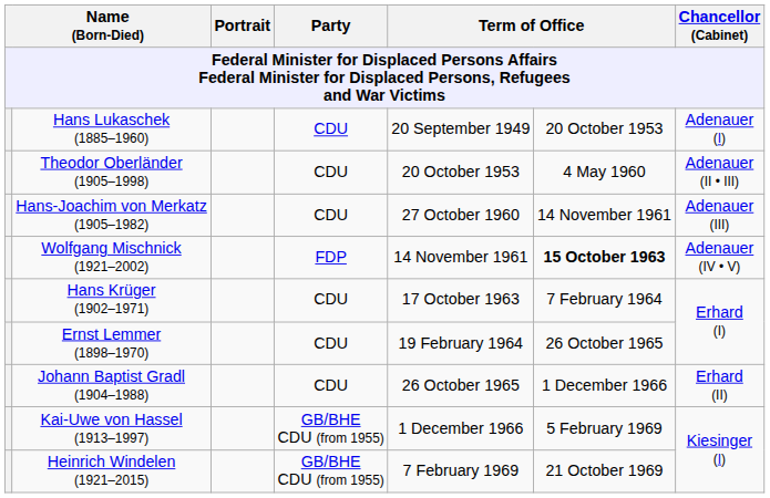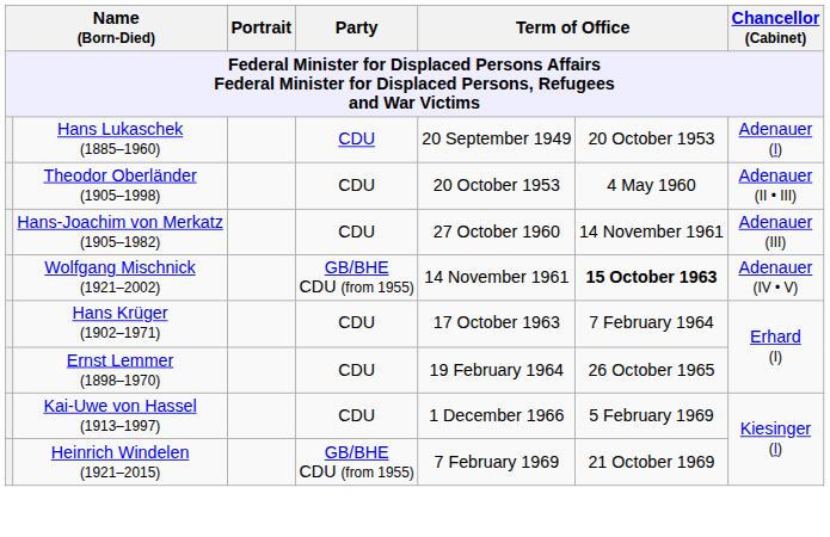 <table class="wikitable" style="text-align:center;">
 <tr>
 <th colspan=2>Name<br><small>(Born-Died)</small></th>
 <th>Portrait</th>
 <th>Party</th>
 <th colspan=2>Term of Office</th>
 <th><a href='#'>Chancellor</a><br><small>(Cabinet)</small></th>
 </tr>
 <tr>
 <th colspan="7" style="background:#EEEEFF">Federal Minister for Displaced Persons Affairs <br>Federal Minister for Displaced Persons, Refugees <br>and War Victims </th>
 </tr>
 <tr>
 <th style="background:"></th>
 <td><a href='#'>Hans Lukaschek</a><br><small>(1885–1960)</small></td>
 <td></td>
 <td><a href='#'>CDU</a></td>
 <td>20 September 1949</td>
 <td>20 October 1953</td>
 <td><a href='#'>Adenauer</a><br><small>(<a href='#'>I</a>)</small></td>
 </tr>
 <tr>
 <th style="background:"></th>
 <td><a href='#'>Theodor Oberländer</a><br><small>(1905–1998)</small></td>
 <td></td>
 <td>CDU</td>
 <td>20 October 1953</td>
 <td>4 May 1960</td>
 <td><a href='#'>Adenauer</a><br><small>(II • III)</small></td>
 </tr>
 <tr>
 <th style="background:"></th>
 <td><a href='#'>Hans-Joachim von Merkatz</a><br><small>(1905–1982)</small></td>
 <td></td>
 <td>CDU</td>
 <td>27 October 1960</td>
 <td>14 November 1961</td>
 <td><a href='#'>Adenauer</a><br><small>(III)</small></td>
 </tr>
 <tr>
 <th style="background:"></th>
 <td><a href='#'>Wolfgang Mischnick</a><br><small>(1921–2002)</small></td>
 <td></td>
-<td><a href='#'>FDP</a></td>
+<td><a href='#'>GB/BHE</a> <br>CDU <small>(from 1955)</small></td>
 <td>14 November 1961</td>
 <td><strong>15 October 1963</strong></td>
 <td><a href='#'>Adenauer</a><br><small>(IV • V)</small></td>
 </tr>
 <tr>
 <th style="background:"></th>
 <td><a href='#'>Hans Krüger</a><br><small>(1902–1971)</small></td>
 <td></td>
 <td>CDU</td>
 <td>17 October 1963</td>
 <td>7 February 1964</td>
 <td rowspan=2><a href='#'>Erhard</a><br><small>(I)</small></td>
 </tr>
 <tr>
 <th style="background:"></th>
 <td><a href='#'>Ernst Lemmer</a><br><small>(1898–1970)</small></td>
 <td></td>
 <td>CDU</td>
 <td>19 February 1964</td>
 <td>26 October 1965</td>
 </tr>
 <tr>
 <th style="background:"></th>
-<td><a href='#'>Johann Baptist Gradl</a><br><small>(1904–1988)</small></td>
+<td><a href='#'>Kai-Uwe von Hassel</a><br><small>(1913–1997)</small></td>
 <td></td>
 <td>CDU</td>
-<td>26 October 1965</td>
-<td>1 December 1966</td>
-<td><a href='#'>Erhard</a><br><small>(II)</small></td>
-</tr>
-<tr>
-<th style="background:"></th>
-<td><a href='#'>Kai-Uwe von Hassel</a><br><small>(1913–1997)</small></td>
-<td></td>
-<td><a href='#'>GB/BHE</a> <br>CDU <small>(from 1955)</small></td>
 <td>1 December 1966</td>
 <td>5 February 1969</td>
 <td rowspan=2><a href='#'>Kiesinger</a><br><small>(<a href='#'>I</a>)</small></td>
 </tr>
 <tr>
 <th style="background:"></th>
 <td><a href='#'>Heinrich Windelen</a><br><small>(1921–2015)</small></td>
 <td></td>
 <td><a href='#'>GB/BHE</a> <br>CDU <small>(from 1955)</small></td>
 <td>7 February 1969</td>
 <td>21 October 1969</td>
 </tr>
 </table>
